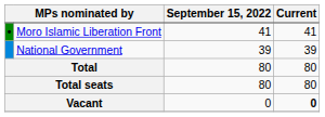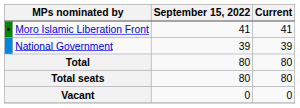 <table class="wikitable" style="font-size: 95%;">
 <tr style="background:#e9e9e9; border-bottom:2px solid gray;">
 <th colspan=2>MPs nominated by</th>
 <th>September 15, 2022</th>
 <th>Current</th>
 </tr>
 <tr>
 <th style="background-color:#008800"><span>•</span></th>
 <td><a href='#'>Moro Islamic Liberation Front</a></td>
 <td align="right">41</td>
 <td align="right">41</td>
 </tr>
 <tr>
 <th style="background-color:#0087DC"></th>
 <td><a href='#'>National Government</a></td>
 <td align="right">39</td>
 <td align="right">39</td>
 </tr>
 <tr>
 <th colspan="2">Total</th>
 <td style="text-align:right;">80</td>
 <td style="text-align:right;">80</td>
 </tr>
 <tr>
 <th colspan="2">Total seats</th>
 <td style="text-align:right;">80</td>
 <td style="text-align:right;">80</td>
 </tr>
 <tr>
 <th colspan="2">Vacant</th>
 <td align="right">0</td>
-<td align="right"><strong>0</strong></td>
+<td align="right">0</td>
 </tr>
 <tr>
 </tr>
 </table>
